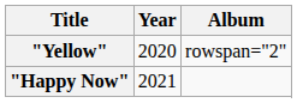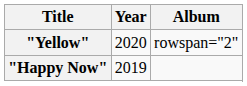 <table class="wikitable plainrowheaders" style="text-align:center">
 <tr>
 <th scope="col">Title</th>
 <th scope="col">Year</th>
 <th scope="col">Album</th>
 </tr>
 <tr>
 <th scope="row">"Yellow"<br></th>
 <td>2020</td>
 <td>rowspan="2" </td>
 </tr>
 <tr>
 <th scope="row">"Happy Now"<br></th>
-<td>2021</td>
+<td>2019</td>
 </tr>
 <tr>
 </tr>
 </table>
